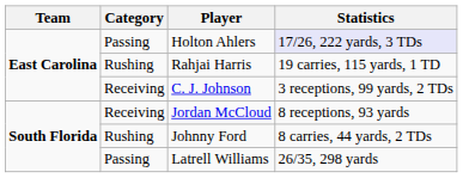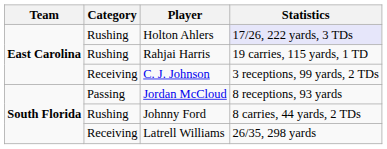 <table class="wikitable" style="float: left;">
 <tr>
 <th>Team</th>
 <th>Category</th>
 <th>Player</th>
 <th>Statistics</th>
 </tr>
 <tr>
 <td rowspan=3><strong>East Carolina</strong></td>
-<td>Passing</td>
+<td>Rushing</td>
 <td>Holton Ahlers</td>
 <td style="background: lavender;">17/26, 222 yards, 3 TDs</td>
 </tr>
 <tr>
 <td>Rushing</td>
 <td>Rahjai Harris</td>
 <td>19 carries, 115 yards, 1 TD</td>
 </tr>
 <tr>
 <td>Receiving</td>
 <td><a href='#'>C. J. Johnson</a></td>
 <td>3 receptions, 99 yards, 2 TDs</td>
 </tr>
 <tr>
 <td rowspan=3><strong>South Florida</strong></td>
-<td>Receiving</td>
+<td>Passing</td>
 <td><a href='#'>Jordan McCloud</a></td>
 <td>8 receptions, 93 yards</td>
 </tr>
 <tr>
 <td>Rushing</td>
 <td>Johnny Ford</td>
 <td>8 carries, 44 yards, 2 TDs</td>
 </tr>
 <tr>
-<td>Passing</td>
+<td>Receiving</td>
 <td>Latrell Williams</td>
 <td>26/35, 298 yards</td>
 </tr>
 </table>
